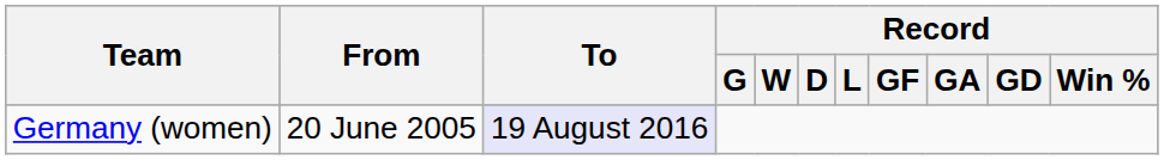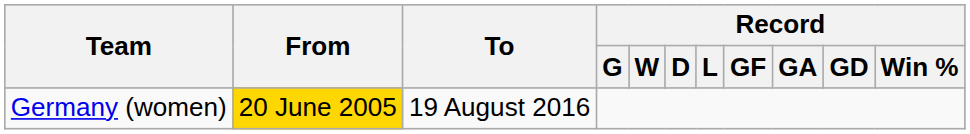 <table class="wikitable" style="text-align: center">
 <tr>
 <th rowspan="2">Team</th>
 <th rowspan="2">From</th>
 <th rowspan="2">To</th>
 <th colspan="8">Record</th>
 </tr>
 <tr>
 <th>G</th>
 <th>W</th>
 <th>D</th>
 <th>L</th>
 <th>GF</th>
 <th>GA</th>
 <th>GD</th>
 <th>Win %</th>
 </tr>
 <tr>
 <td><a href='#'>Germany</a> (women)</td>
-<td>20 June 2005</td>
-<td style="background: lavender;">19 August 2016<br></td>
+<td style="background: gold;">20 June 2005</td>
+<td>19 August 2016<br></td>
 </tr>
 </table>
